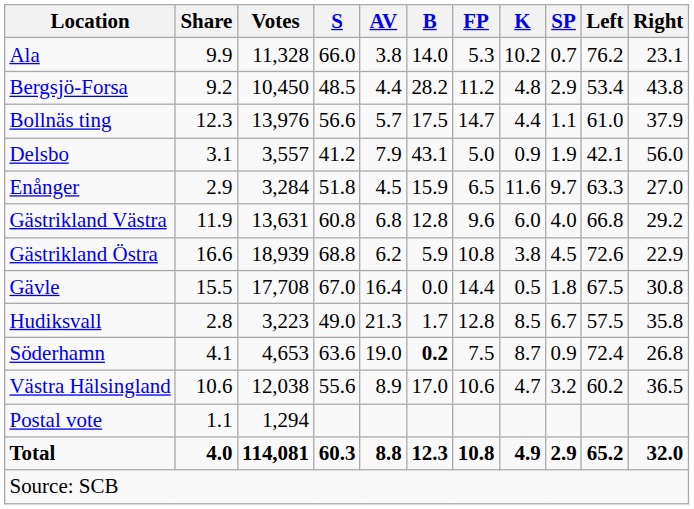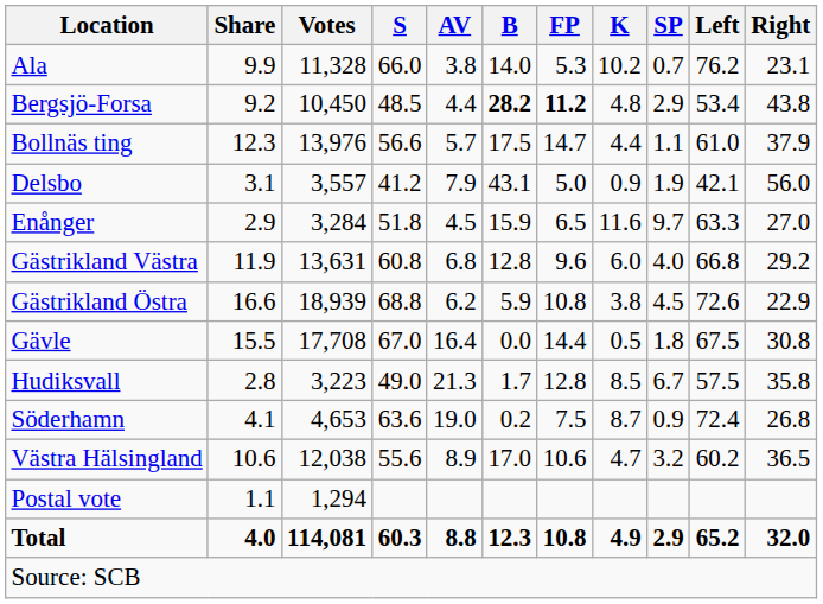 <table class="wikitable sortable" style=text-align:right>
 <tr>
 <th>Location</th>
 <th>Share</th>
 <th>Votes</th>
 <th><a href='#'>S</a></th>
 <th><a href='#'>AV</a></th>
 <th><a href='#'>B</a></th>
 <th><a href='#'>FP</a></th>
 <th><a href='#'>K</a></th>
 <th><a href='#'>SP</a></th>
 <th>Left</th>
 <th>Right</th>
 </tr>
 <tr>
 <td align=left><a href='#'>Ala</a></td>
 <td>9.9</td>
 <td>11,328</td>
 <td>66.0</td>
 <td>3.8</td>
 <td>14.0</td>
 <td>5.3</td>
 <td>10.2</td>
 <td>0.7</td>
 <td>76.2</td>
 <td>23.1</td>
 </tr>
 <tr>
 <td align=left><a href='#'>Bergsjö-Forsa</a></td>
 <td>9.2</td>
 <td>10,450</td>
 <td>48.5</td>
 <td>4.4</td>
-<td>28.2</td>
-<td>11.2</td>
+<td><strong>28.2</strong></td>
+<td><strong>11.2</strong></td>
 <td>4.8</td>
 <td>2.9</td>
 <td>53.4</td>
 <td>43.8</td>
 </tr>
 <tr>
 <td align=left><a href='#'>Bollnäs ting</a></td>
 <td>12.3</td>
 <td>13,976</td>
 <td>56.6</td>
 <td>5.7</td>
 <td>17.5</td>
 <td>14.7</td>
 <td>4.4</td>
 <td>1.1</td>
 <td>61.0</td>
 <td>37.9</td>
 </tr>
 <tr>
 <td align=left><a href='#'>Delsbo</a></td>
 <td>3.1</td>
 <td>3,557</td>
 <td>41.2</td>
 <td>7.9</td>
 <td>43.1</td>
 <td>5.0</td>
 <td>0.9</td>
 <td>1.9</td>
 <td>42.1</td>
 <td>56.0</td>
 </tr>
 <tr>
 <td align=left><a href='#'>Enånger</a></td>
 <td>2.9</td>
 <td>3,284</td>
 <td>51.8</td>
 <td>4.5</td>
 <td>15.9</td>
 <td>6.5</td>
 <td>11.6</td>
 <td>9.7</td>
 <td>63.3</td>
 <td>27.0</td>
 </tr>
 <tr>
 <td align=left><a href='#'>Gästrikland Västra</a></td>
 <td>11.9</td>
 <td>13,631</td>
 <td>60.8</td>
 <td>6.8</td>
 <td>12.8</td>
 <td>9.6</td>
 <td>6.0</td>
 <td>4.0</td>
 <td>66.8</td>
 <td>29.2</td>
 </tr>
 <tr>
 <td align=left><a href='#'>Gästrikland Östra</a></td>
 <td>16.6</td>
 <td>18,939</td>
 <td>68.8</td>
 <td>6.2</td>
 <td>5.9</td>
 <td>10.8</td>
 <td>3.8</td>
 <td>4.5</td>
 <td>72.6</td>
 <td>22.9</td>
 </tr>
 <tr>
 <td align=left><a href='#'>Gävle</a></td>
 <td>15.5</td>
 <td>17,708</td>
 <td>67.0</td>
 <td>16.4</td>
 <td>0.0</td>
 <td>14.4</td>
 <td>0.5</td>
 <td>1.8</td>
 <td>67.5</td>
 <td>30.8</td>
 </tr>
 <tr>
 <td align=left><a href='#'>Hudiksvall</a></td>
 <td>2.8</td>
 <td>3,223</td>
 <td>49.0</td>
 <td>21.3</td>
 <td>1.7</td>
 <td>12.8</td>
 <td>8.5</td>
 <td>6.7</td>
 <td>57.5</td>
 <td>35.8</td>
 </tr>
 <tr>
 <td align=left><a href='#'>Söderhamn</a></td>
 <td>4.1</td>
 <td>4,653</td>
 <td>63.6</td>
 <td>19.0</td>
-<td><strong>0.2</strong></td>
+<td>0.2</td>
 <td>7.5</td>
 <td>8.7</td>
 <td>0.9</td>
 <td>72.4</td>
 <td>26.8</td>
 </tr>
 <tr>
 <td align=left><a href='#'>Västra Hälsingland</a></td>
 <td>10.6</td>
 <td>12,038</td>
 <td>55.6</td>
 <td>8.9</td>
 <td>17.0</td>
 <td>10.6</td>
 <td>4.7</td>
 <td>3.2</td>
 <td>60.2</td>
 <td>36.5</td>
 </tr>
 <tr>
 <td align=left><a href='#'>Postal vote</a></td>
 <td>1.1</td>
 <td>1,294</td>
 <td></td>
 <td></td>
 <td></td>
 <td></td>
 <td></td>
 <td></td>
 <td></td>
 <td></td>
 </tr>
 <tr>
 <td align=left><strong>Total</strong></td>
 <td><strong>4.0</strong></td>
 <td><strong>114,081</strong></td>
 <td><strong>60.3</strong></td>
 <td><strong>8.8</strong></td>
 <td><strong>12.3</strong></td>
 <td><strong>10.8</strong></td>
 <td><strong>4.9</strong></td>
 <td><strong>2.9</strong></td>
 <td><strong>65.2</strong></td>
 <td><strong>32.0</strong></td>
 </tr>
 <tr>
 <td align=left colspan=11>Source: SCB </td>
 </tr>
 </table>
